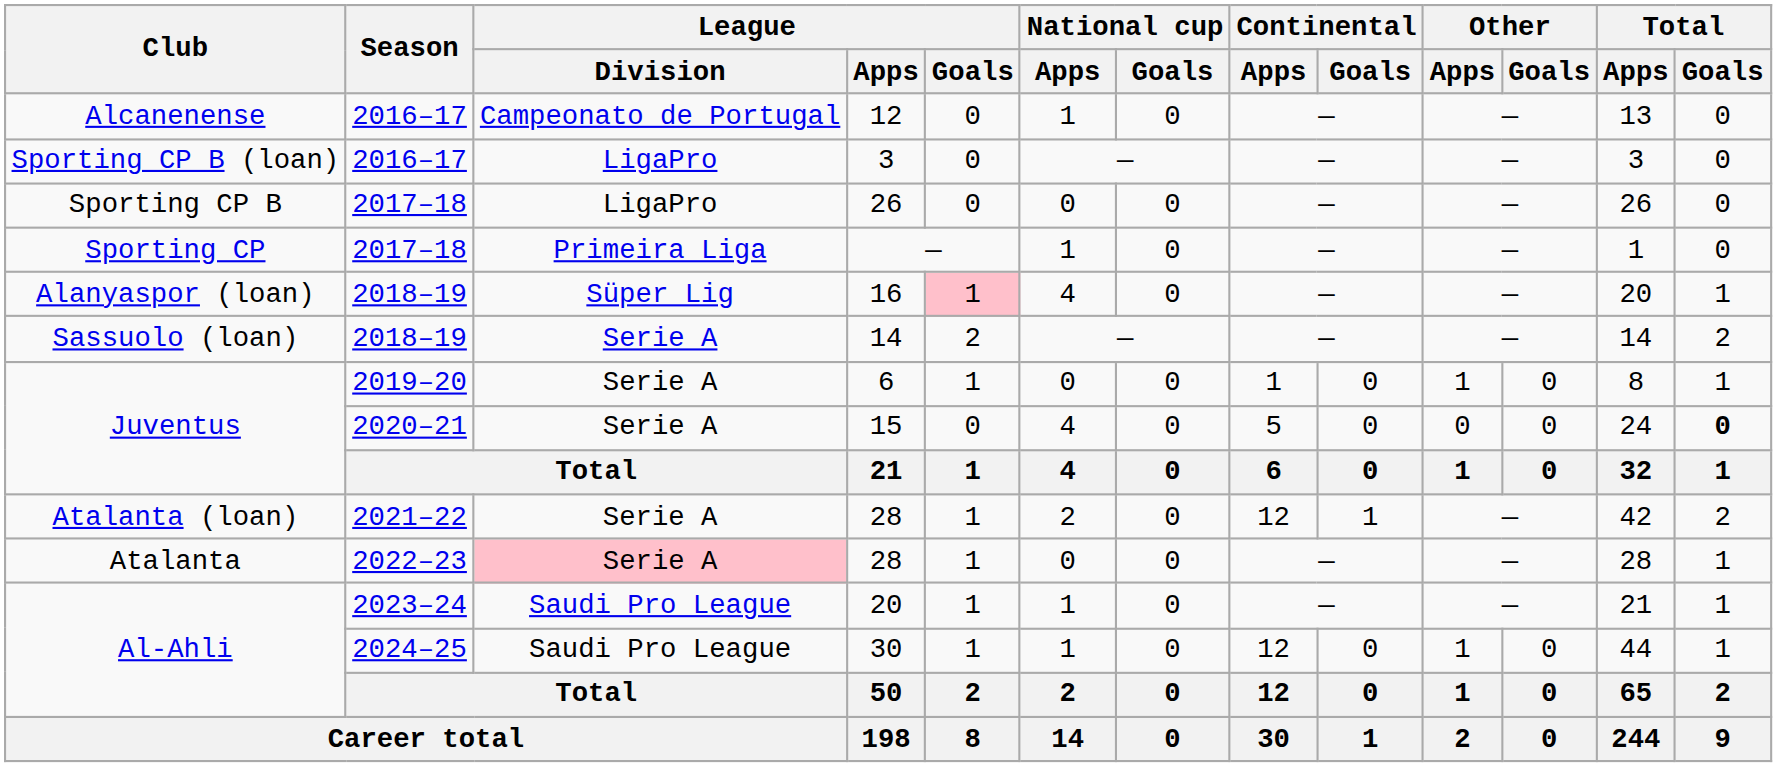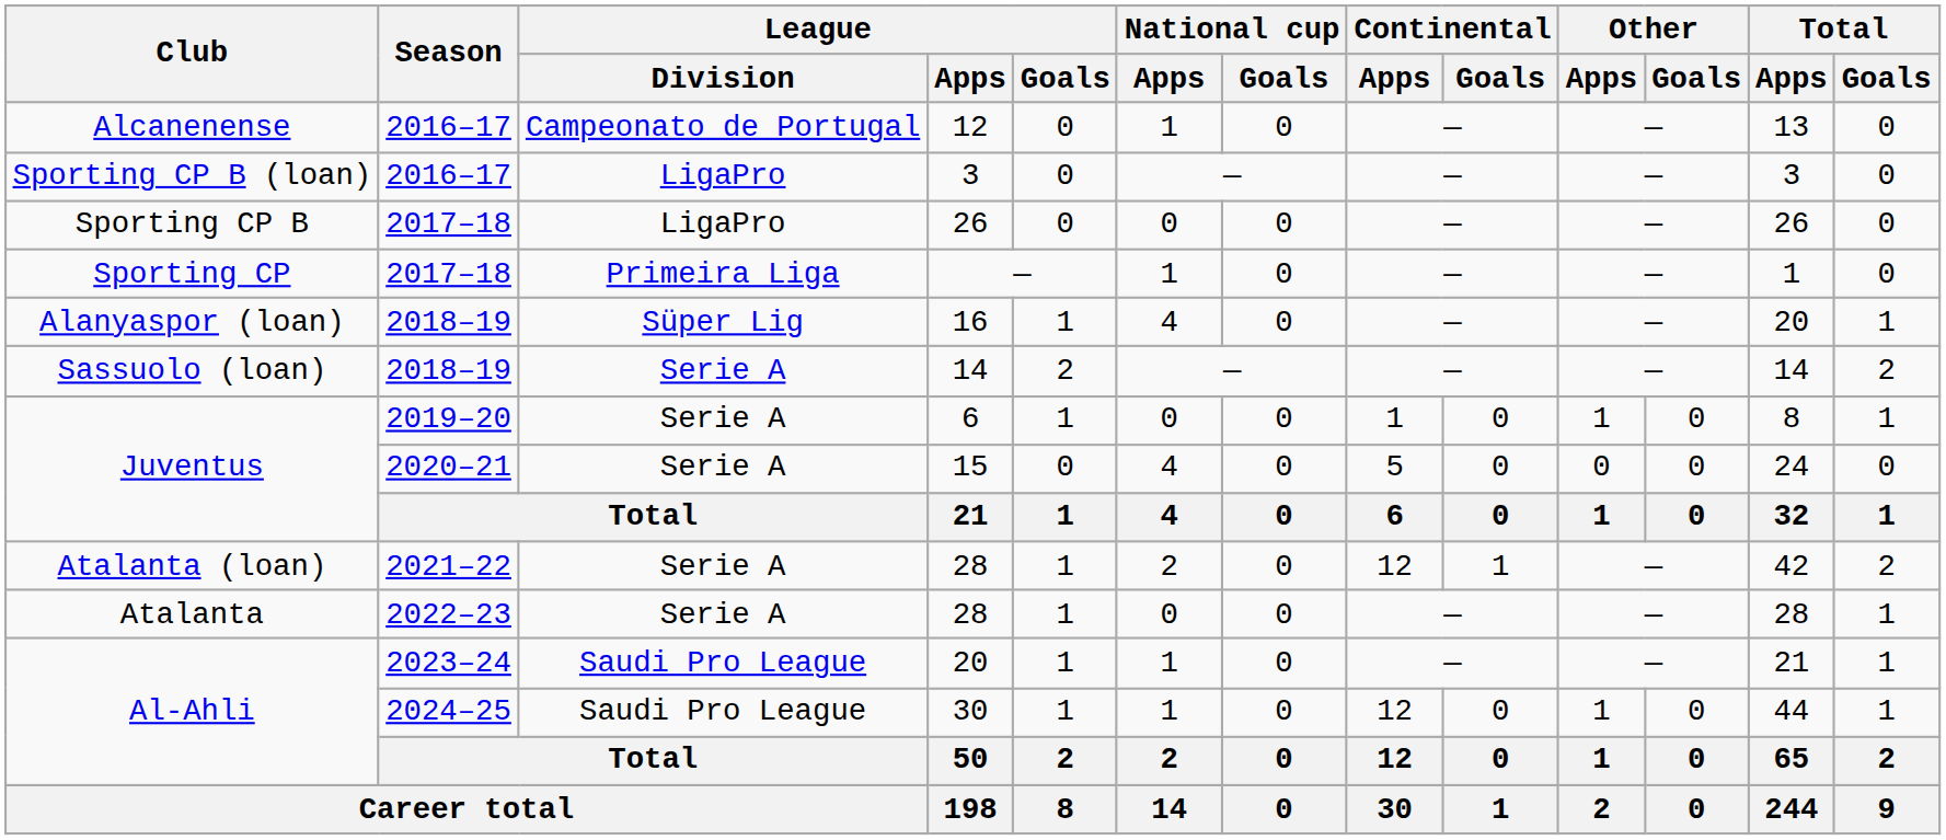 <table class="wikitable" style="text-align:center">
 <tr>
 <th rowspan="2">Club</th>
 <th rowspan="2">Season</th>
 <th colspan="3">League</th>
 <th colspan="2">National cup</th>
 <th colspan="2">Continental</th>
 <th colspan="2">Other</th>
 <th colspan="2">Total</th>
 </tr>
 <tr>
 <th>Division</th>
 <th>Apps</th>
 <th>Goals</th>
 <th>Apps</th>
 <th>Goals</th>
 <th>Apps</th>
 <th>Goals</th>
 <th>Apps</th>
 <th>Goals</th>
 <th>Apps</th>
 <th>Goals</th>
 </tr>
 <tr>
 <td><a href='#'>Alcanenense</a></td>
 <td><a href='#'>2016–17</a></td>
 <td><a href='#'>Campeonato de Portugal</a></td>
 <td>12</td>
 <td>0</td>
 <td>1</td>
 <td>0</td>
 <td colspan="2">—</td>
 <td colspan="2">—</td>
 <td>13</td>
 <td>0</td>
 </tr>
 <tr>
 <td><a href='#'>Sporting CP B</a> (loan)</td>
 <td><a href='#'>2016–17</a></td>
 <td><a href='#'>LigaPro</a></td>
 <td>3</td>
 <td>0</td>
 <td colspan="2">—</td>
 <td colspan="2">—</td>
 <td colspan="2">—</td>
 <td>3</td>
 <td>0</td>
 </tr>
 <tr>
 <td>Sporting CP B</td>
 <td><a href='#'>2017–18</a></td>
 <td>LigaPro</td>
 <td>26</td>
 <td>0</td>
 <td>0</td>
 <td>0</td>
 <td colspan="2">—</td>
 <td colspan="2">—</td>
 <td>26</td>
 <td>0</td>
 </tr>
 <tr>
 <td><a href='#'>Sporting CP</a></td>
 <td><a href='#'>2017–18</a></td>
 <td><a href='#'>Primeira Liga</a></td>
 <td colspan="2">—</td>
 <td>1</td>
 <td>0</td>
 <td colspan="2">—</td>
 <td colspan="2">—</td>
 <td>1</td>
 <td>0</td>
 </tr>
 <tr>
 <td><a href='#'>Alanyaspor</a> (loan)</td>
 <td><a href='#'>2018–19</a></td>
 <td><a href='#'>Süper Lig</a></td>
 <td>16</td>
-<td style="background: pink;">1</td>
+<td>1</td>
 <td>4</td>
 <td>0</td>
 <td colspan="2">—</td>
 <td colspan="2">—</td>
 <td>20</td>
 <td>1</td>
 </tr>
 <tr>
 <td><a href='#'>Sassuolo</a> (loan)</td>
 <td><a href='#'>2018–19</a></td>
 <td><a href='#'>Serie A</a></td>
 <td>14</td>
 <td>2</td>
 <td colspan="2">—</td>
 <td colspan="2">—</td>
 <td colspan="2">—</td>
 <td>14</td>
 <td>2</td>
 </tr>
 <tr>
 <td rowspan="3"><a href='#'>Juventus</a></td>
 <td><a href='#'>2019–20</a></td>
 <td>Serie A</td>
 <td>6</td>
 <td>1</td>
 <td>0</td>
 <td>0</td>
 <td>1</td>
 <td>0</td>
 <td>1</td>
 <td>0</td>
 <td>8</td>
 <td>1</td>
 </tr>
 <tr>
 <td><a href='#'>2020–21</a></td>
 <td>Serie A</td>
 <td>15</td>
 <td>0</td>
 <td>4</td>
 <td>0</td>
 <td>5</td>
 <td>0</td>
 <td>0</td>
 <td>0</td>
 <td>24</td>
-<td><strong>0</strong></td>
+<td>0</td>
 </tr>
 <tr>
 <th colspan="2">Total</th>
 <th>21</th>
 <th>1</th>
 <th>4</th>
 <th>0</th>
 <th>6</th>
 <th>0</th>
 <th>1</th>
 <th>0</th>
 <th>32</th>
 <th>1</th>
 </tr>
 <tr>
 <td><a href='#'>Atalanta</a> (loan)</td>
 <td><a href='#'>2021–22</a></td>
 <td>Serie A</td>
 <td>28</td>
 <td>1</td>
 <td>2</td>
 <td>0</td>
 <td>12</td>
 <td>1</td>
 <td colspan="2">—</td>
 <td>42</td>
 <td>2</td>
 </tr>
 <tr>
 <td>Atalanta</td>
 <td><a href='#'>2022–23</a></td>
-<td style="background: pink;">Serie A</td>
+<td>Serie A</td>
 <td>28</td>
 <td>1</td>
 <td>0</td>
 <td>0</td>
 <td colspan="2">—</td>
 <td colspan="2">—</td>
 <td>28</td>
 <td>1</td>
 </tr>
 <tr>
 <td rowspan="3"><a href='#'>Al-Ahli</a></td>
 <td><a href='#'>2023–24</a></td>
 <td><a href='#'>Saudi Pro League</a></td>
 <td>20</td>
 <td>1</td>
 <td>1</td>
 <td>0</td>
 <td colspan="2">—</td>
 <td colspan="2">—</td>
 <td>21</td>
 <td>1</td>
 </tr>
 <tr>
 <td><a href='#'>2024–25</a></td>
 <td>Saudi Pro League</td>
 <td>30</td>
 <td>1</td>
 <td>1</td>
 <td>0</td>
 <td>12</td>
 <td>0</td>
 <td>1</td>
 <td>0</td>
 <td>44</td>
 <td>1</td>
 </tr>
 <tr>
 <th colspan="2">Total</th>
 <th>50</th>
 <th>2</th>
 <th>2</th>
 <th>0</th>
 <th>12</th>
 <th>0</th>
 <th>1</th>
 <th>0</th>
 <th>65</th>
 <th>2</th>
 </tr>
 <tr>
 <th colspan="3">Career total</th>
 <th>198</th>
 <th>8</th>
 <th>14</th>
 <th>0</th>
 <th>30</th>
 <th>1</th>
 <th>2</th>
 <th>0</th>
 <th>244</th>
 <th>9</th>
 </tr>
 </table>
